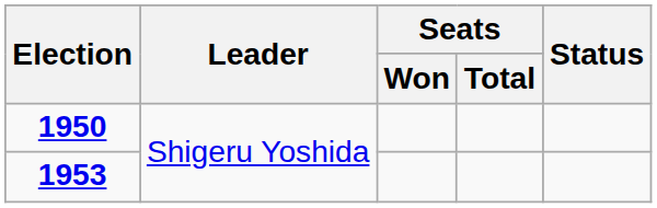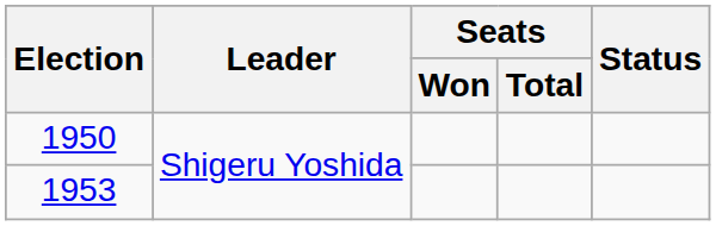 <table class=wikitable style=text-align:center>
 <tr>
 <th rowspan=2>Election</th>
 <th rowspan=2>Leader</th>
 <th colspan=2>Seats</th>
 <th rowspan=2>Status</th>
 </tr>
 <tr>
 <th>Won</th>
 <th>Total</th>
 </tr>
 <tr>
-<td><strong><a href='#'>1950</a></strong></td>
+<td><a href='#'>1950</a></td>
 <td rowspan="2"><a href='#'>Shigeru Yoshida</a></td>
 <td></td>
 <td></td>
 <td></td>
 </tr>
 <tr>
-<td><strong><a href='#'>1953</a></strong></td>
+<td><a href='#'>1953</a></td>
 <td></td>
 <td></td>
 <td></td>
 </tr>
 </table>
